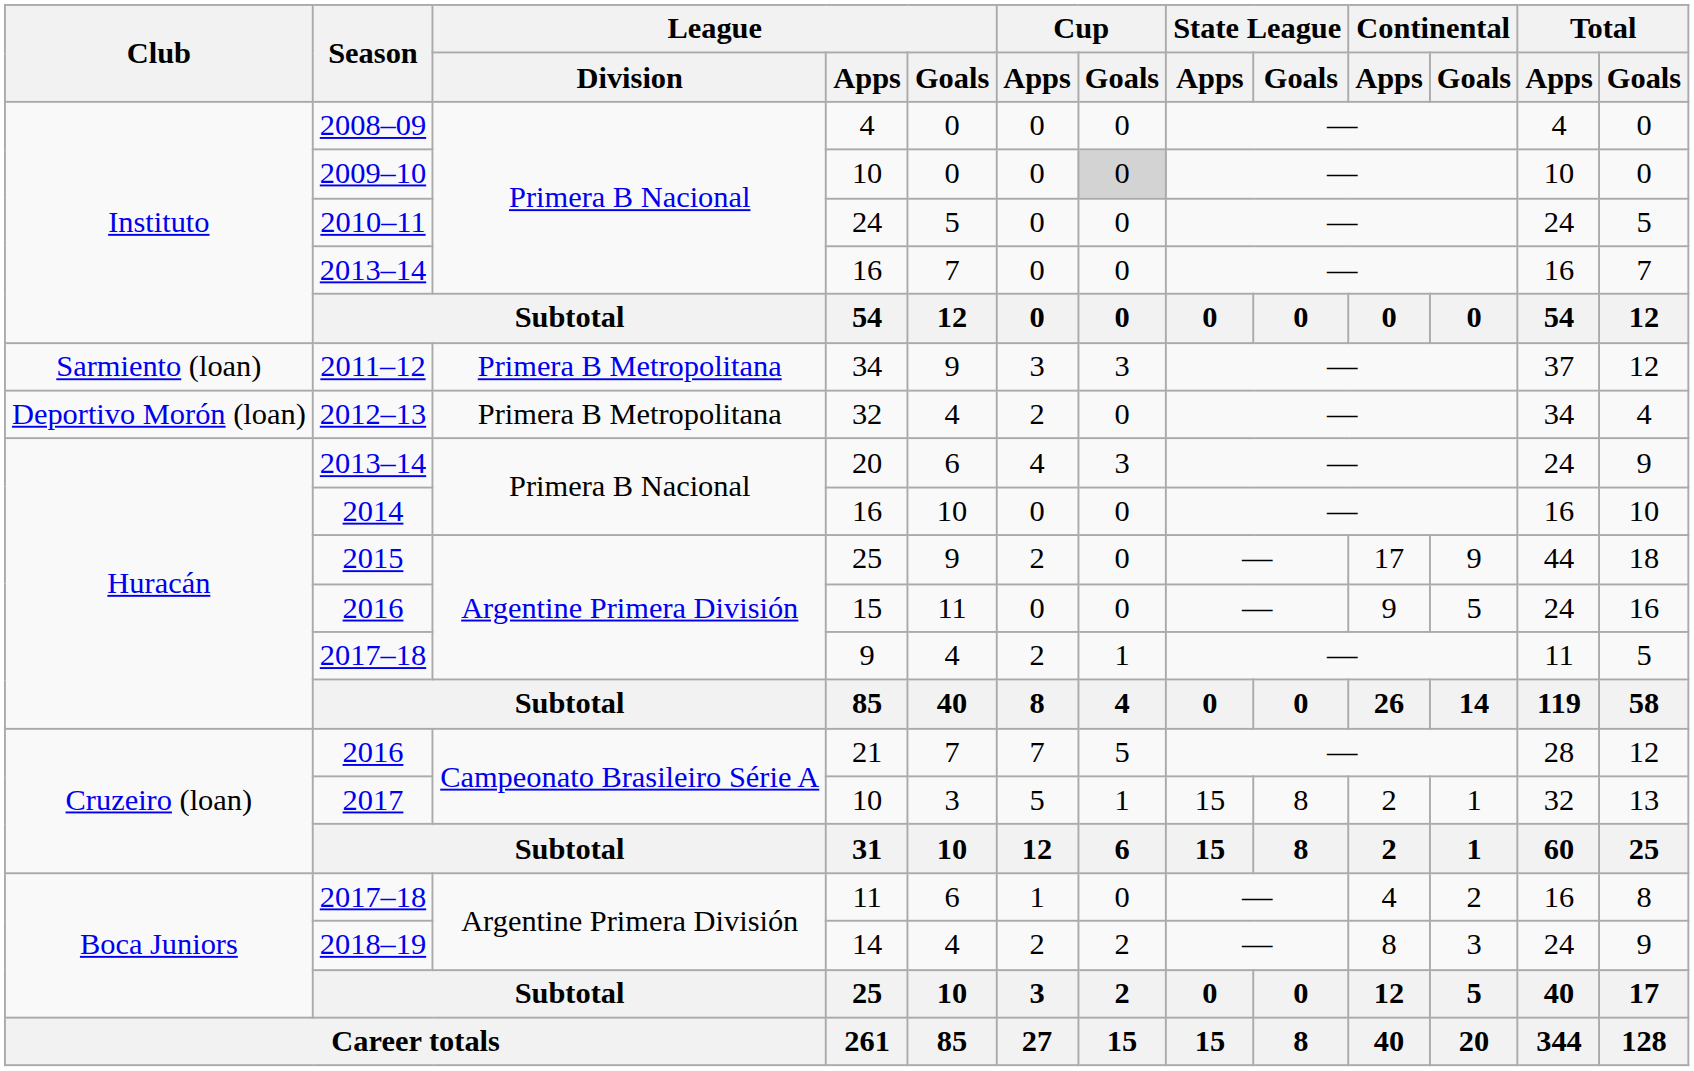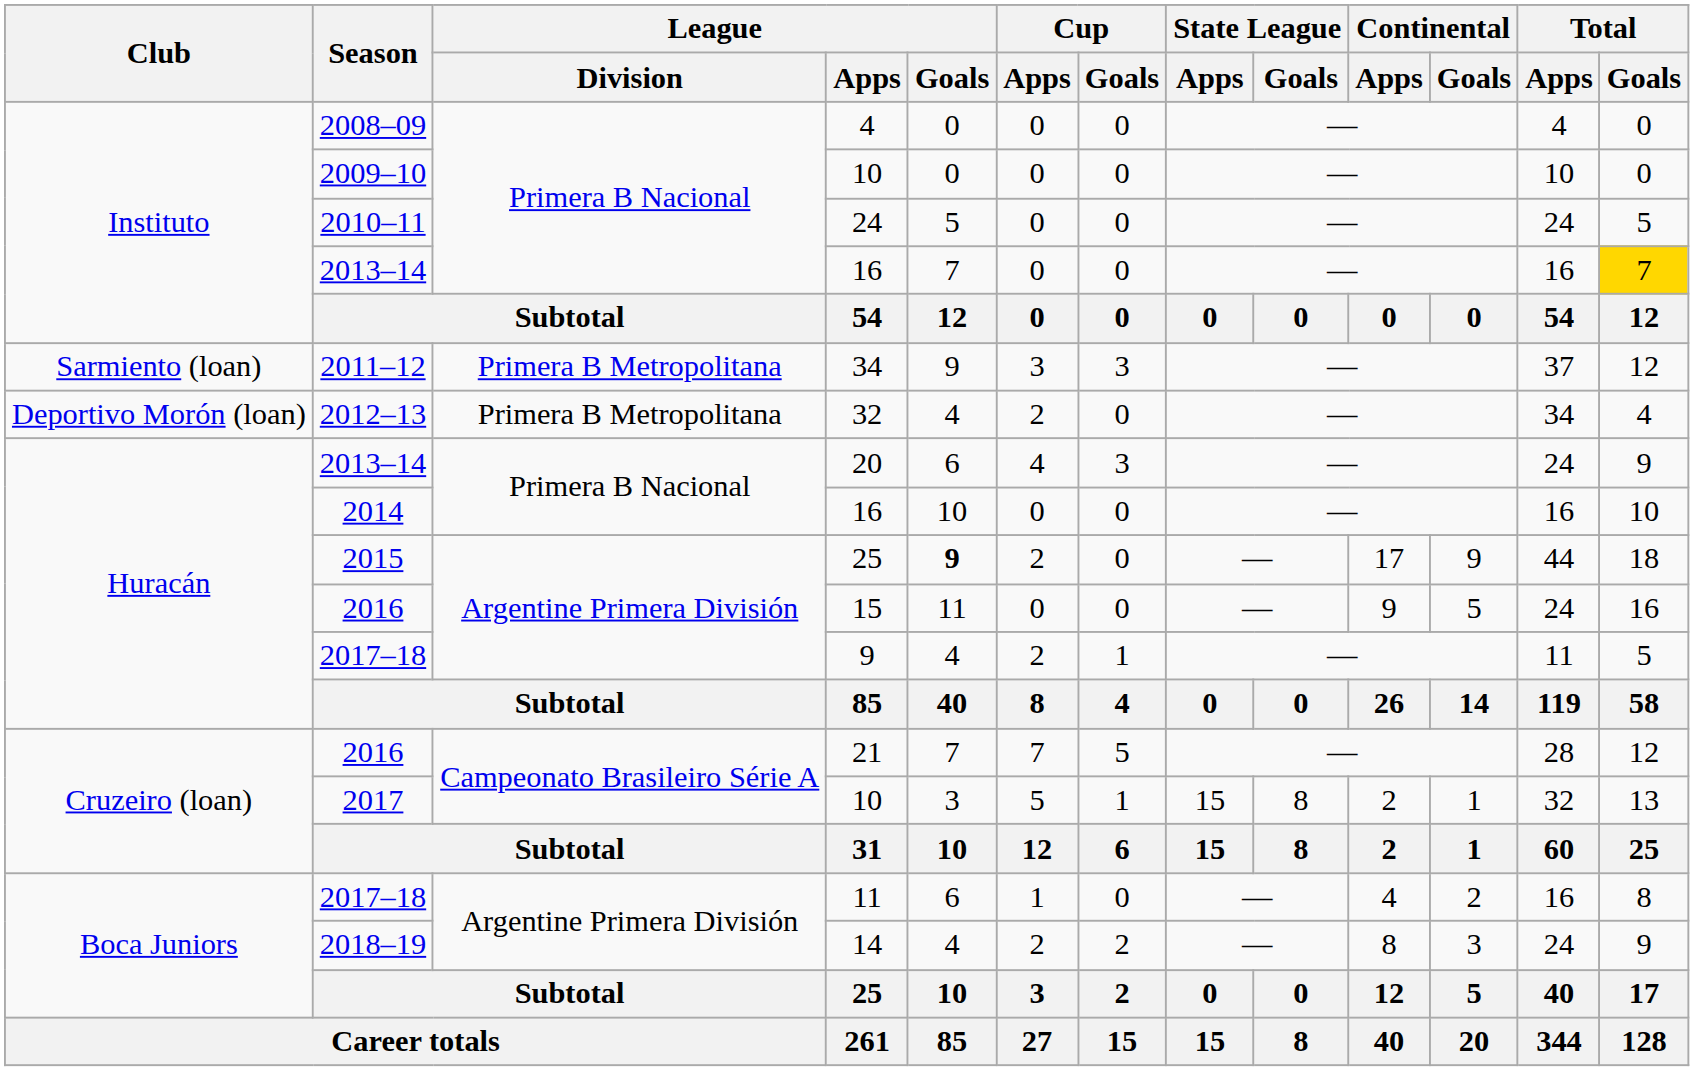 <table class="wikitable" style="text-align:center">
 <tr>
 <th rowspan="2">Club</th>
 <th rowspan="2">Season</th>
 <th colspan="3">League</th>
 <th colspan="2">Cup</th>
 <th colspan="2">State League</th>
 <th colspan="2">Continental</th>
 <th colspan="2">Total</th>
 </tr>
 <tr>
 <th>Division</th>
 <th>Apps</th>
 <th>Goals</th>
 <th>Apps</th>
 <th>Goals</th>
 <th>Apps</th>
 <th>Goals</th>
 <th>Apps</th>
 <th>Goals</th>
 <th>Apps</th>
 <th>Goals</th>
 </tr>
 <tr>
 <td rowspan=5><a href='#'>Instituto</a></td>
 <td><a href='#'>2008–09</a></td>
 <td rowspan=4><a href='#'>Primera B Nacional</a></td>
 <td>4</td>
 <td>0</td>
 <td>0</td>
 <td>0</td>
 <td colspan=4>—</td>
 <td>4</td>
 <td>0</td>
 </tr>
 <tr>
 <td><a href='#'>2009–10</a></td>
 <td>10</td>
 <td>0</td>
 <td>0</td>
-<td style="background: lightgrey;">0</td>
+<td>0</td>
 <td colspan=4>—</td>
 <td>10</td>
 <td>0</td>
 </tr>
 <tr>
 <td><a href='#'>2010–11</a></td>
 <td>24</td>
 <td>5</td>
 <td>0</td>
 <td>0</td>
 <td colspan=4>—</td>
 <td>24</td>
 <td>5</td>
 </tr>
 <tr>
 <td><a href='#'>2013–14</a></td>
 <td>16</td>
 <td>7</td>
 <td>0</td>
 <td>0</td>
 <td colspan=4>—</td>
 <td>16</td>
-<td>7</td>
+<td style="background: gold;">7</td>
 </tr>
 <tr>
 <th colspan=2>Subtotal</th>
 <th>54</th>
 <th>12</th>
 <th>0</th>
 <th>0</th>
 <th>0</th>
 <th>0</th>
 <th>0</th>
 <th>0</th>
 <th>54</th>
 <th>12</th>
 </tr>
 <tr>
 <td><a href='#'>Sarmiento</a> (loan)</td>
 <td><a href='#'>2011–12</a></td>
 <td><a href='#'>Primera B Metropolitana</a></td>
 <td>34</td>
 <td>9</td>
 <td>3</td>
 <td>3</td>
 <td colspan=4>—</td>
 <td>37</td>
 <td>12</td>
 </tr>
 <tr>
 <td><a href='#'>Deportivo Morón</a> (loan)</td>
 <td><a href='#'>2012–13</a></td>
 <td>Primera B Metropolitana</td>
 <td>32</td>
 <td>4</td>
 <td>2</td>
 <td>0</td>
 <td colspan=4>—</td>
 <td>34</td>
 <td>4</td>
 </tr>
 <tr>
 <td rowspan=6><a href='#'>Huracán</a></td>
 <td><a href='#'>2013–14</a></td>
 <td rowspan=2>Primera B Nacional</td>
 <td>20</td>
 <td>6</td>
 <td>4</td>
 <td>3</td>
 <td colspan=4>—</td>
 <td>24</td>
 <td>9</td>
 </tr>
 <tr>
 <td><a href='#'>2014</a></td>
 <td>16</td>
 <td>10</td>
 <td>0</td>
 <td>0</td>
 <td colspan=4>—</td>
 <td>16</td>
 <td>10</td>
 </tr>
 <tr>
 <td><a href='#'>2015</a></td>
 <td rowspan=3><a href='#'>Argentine Primera División</a></td>
 <td>25</td>
-<td>9</td>
+<td><strong>9</strong></td>
 <td>2</td>
 <td>0</td>
 <td colspan=2>—</td>
 <td>17</td>
 <td>9</td>
 <td>44</td>
 <td>18</td>
 </tr>
 <tr>
 <td><a href='#'>2016</a></td>
 <td>15</td>
 <td>11</td>
 <td>0</td>
 <td>0</td>
 <td colspan=2>—</td>
 <td>9</td>
 <td>5</td>
 <td>24</td>
 <td>16</td>
 </tr>
 <tr>
 <td><a href='#'>2017–18</a></td>
 <td>9</td>
 <td>4</td>
 <td>2</td>
 <td>1</td>
 <td colspan=4>—</td>
 <td>11</td>
 <td>5</td>
 </tr>
 <tr>
 <th colspan=2>Subtotal</th>
 <th>85</th>
 <th>40</th>
 <th>8</th>
 <th>4</th>
 <th>0</th>
 <th>0</th>
 <th>26</th>
 <th>14</th>
 <th>119</th>
 <th>58</th>
 </tr>
 <tr>
 <td rowspan=3><a href='#'>Cruzeiro</a> (loan)</td>
 <td><a href='#'>2016</a></td>
 <td rowspan=2><a href='#'>Campeonato Brasileiro Série A</a></td>
 <td>21</td>
 <td>7</td>
 <td>7</td>
 <td>5</td>
 <td colspan=4>—</td>
 <td>28</td>
 <td>12</td>
 </tr>
 <tr>
 <td><a href='#'>2017</a></td>
 <td>10</td>
 <td>3</td>
 <td>5</td>
 <td>1</td>
 <td>15</td>
 <td>8</td>
 <td>2</td>
 <td>1</td>
 <td>32</td>
 <td>13</td>
 </tr>
 <tr>
 <th colspan=2>Subtotal</th>
 <th>31</th>
 <th>10</th>
 <th>12</th>
 <th>6</th>
 <th>15</th>
 <th>8</th>
 <th>2</th>
 <th>1</th>
 <th>60</th>
 <th>25</th>
 </tr>
 <tr>
 <td rowspan=3><a href='#'>Boca Juniors</a></td>
 <td><a href='#'>2017–18</a></td>
 <td rowspan=2>Argentine Primera División</td>
 <td>11</td>
 <td>6</td>
 <td>1</td>
 <td>0</td>
 <td colspan=2>—</td>
 <td>4</td>
 <td>2</td>
 <td>16</td>
 <td>8</td>
 </tr>
 <tr>
 <td><a href='#'>2018–19</a></td>
 <td>14</td>
 <td>4</td>
 <td>2</td>
 <td>2</td>
 <td colspan=2>—</td>
 <td>8</td>
 <td>3</td>
 <td>24</td>
 <td>9</td>
 </tr>
 <tr>
 <th colspan=2>Subtotal</th>
 <th>25</th>
 <th>10</th>
 <th>3</th>
 <th>2</th>
 <th>0</th>
 <th>0</th>
 <th>12</th>
 <th>5</th>
 <th>40</th>
 <th>17</th>
 </tr>
 <tr>
 <th colspan=3>Career totals</th>
 <th>261</th>
 <th>85</th>
 <th>27</th>
 <th>15</th>
 <th>15</th>
 <th>8</th>
 <th>40</th>
 <th>20</th>
 <th>344</th>
 <th>128</th>
 </tr>
 </table>
